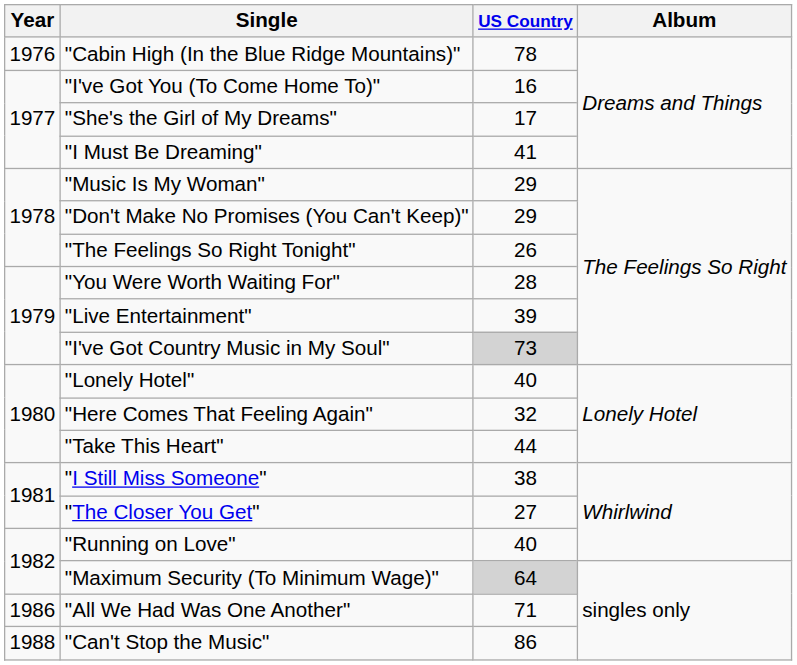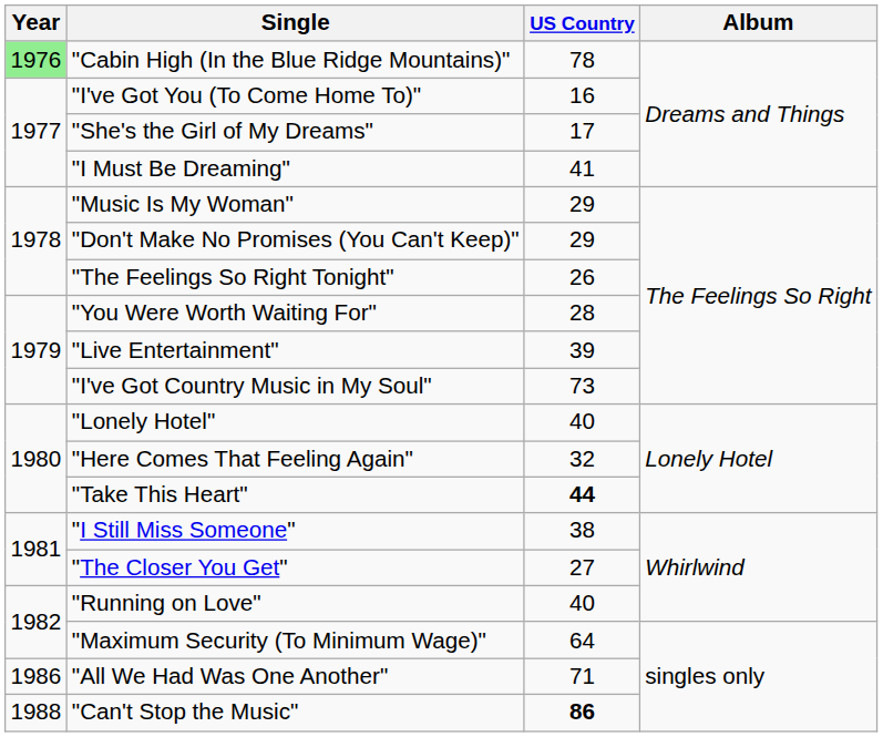 <table class="wikitable">
 <tr>
 <th>Year</th>
 <th>Single</th>
 <th><small><a href='#'>US Country</a></small></th>
 <th>Album</th>
 </tr>
 <tr>
-<td>1976</td>
+<td style="background: lightgreen;">1976</td>
 <td>"Cabin High (In the Blue Ridge Mountains)"</td>
 <td align=center>78</td>
 <td rowspan=4><em>Dreams and Things</em></td>
 </tr>
 <tr>
 <td rowspan=3>1977</td>
 <td>"I've Got You (To Come Home To)"</td>
 <td align=center>16</td>
 </tr>
 <tr>
 <td>"She's the Girl of My Dreams"</td>
 <td align=center>17</td>
 </tr>
 <tr>
 <td>"I Must Be Dreaming"</td>
 <td align=center>41</td>
 </tr>
 <tr>
 <td rowspan=3>1978</td>
 <td>"Music Is My Woman"</td>
 <td align=center>29</td>
 <td rowspan=6><em>The Feelings So Right</em></td>
 </tr>
 <tr>
 <td>"Don't Make No Promises (You Can't Keep)"</td>
 <td align=center>29</td>
 </tr>
 <tr>
 <td>"The Feelings So Right Tonight"</td>
 <td align=center>26</td>
 </tr>
 <tr>
 <td rowspan=3>1979</td>
 <td>"You Were Worth Waiting For"</td>
 <td align=center>28</td>
 </tr>
 <tr>
 <td>"Live Entertainment"</td>
 <td align=center>39</td>
 </tr>
 <tr>
 <td>"I've Got Country Music in My Soul"</td>
-<td align=center style="background: lightgrey;">73</td>
+<td align=center>73</td>
 </tr>
 <tr>
 <td rowspan=3>1980</td>
 <td>"Lonely Hotel"</td>
 <td align=center>40</td>
 <td rowspan=3><em>Lonely Hotel</em></td>
 </tr>
 <tr>
 <td>"Here Comes That Feeling Again"</td>
 <td align=center>32</td>
 </tr>
 <tr>
 <td>"Take This Heart"</td>
-<td align=center>44</td>
+<td align=center><strong>44</strong></td>
 </tr>
 <tr>
 <td rowspan=2>1981</td>
 <td>"<a href='#'>I Still Miss Someone</a>"</td>
 <td align=center>38</td>
 <td rowspan=3><em>Whirlwind</em></td>
 </tr>
 <tr>
 <td>"<a href='#'>The Closer You Get</a>"</td>
 <td align=center>27</td>
 </tr>
 <tr>
 <td rowspan=2>1982</td>
 <td>"Running on Love"</td>
 <td align=center>40</td>
 </tr>
 <tr>
 <td>"Maximum Security (To Minimum Wage)"</td>
-<td align=center style="background: lightgrey;">64</td>
+<td align=center>64</td>
 <td rowspan=3>singles only</td>
 </tr>
 <tr>
 <td>1986</td>
 <td>"All We Had Was One Another"</td>
 <td align=center>71</td>
 </tr>
 <tr>
 <td>1988</td>
 <td>"Can't Stop the Music"</td>
-<td align=center>86</td>
+<td align=center><strong>86</strong></td>
 </tr>
 </table>
